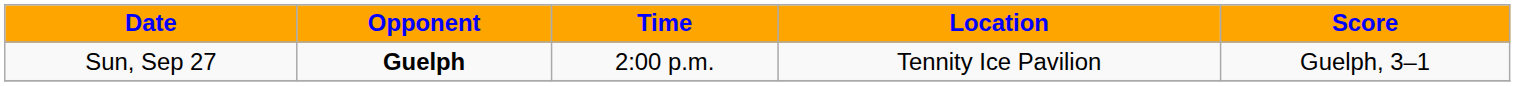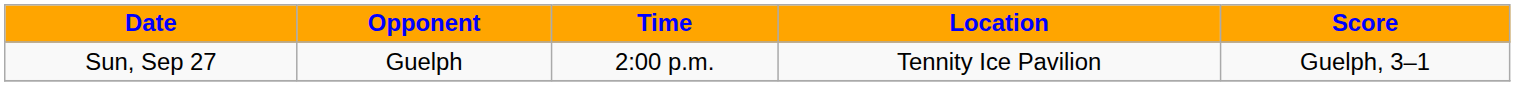 <table class="wikitable" width="80%">
 <tr align="center"  style=" background:orange;color:blue;">
 <td><strong>Date</strong></td>
 <td><strong>Opponent</strong></td>
 <td><strong>Time</strong></td>
 <td><strong>Location</strong></td>
 <td><strong>Score</strong></td>
 </tr>
 <tr align="center" bgcolor="">
 <td>Sun, Sep 27</td>
-<td><strong>Guelph</strong></td>
+<td>Guelph</td>
 <td>2:00 p.m.</td>
 <td>Tennity Ice Pavilion</td>
 <td>Guelph, 3–1</td>
 </tr>
 <tr align="center" bgcolor="">
 </tr>
 </table>
